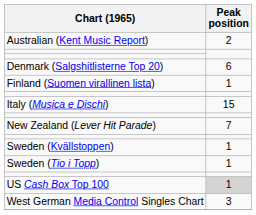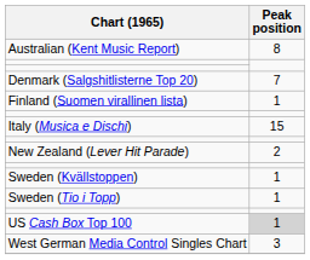 <table class="wikitable plainrowheaders sortable">
 <tr>
 <th align="left">Chart (1965)</th>
 <th align="center">Peak<br>position</th>
 </tr>
 <tr>
 <td>Australian (<a href='#'>Kent Music Report</a>)</td>
-<td style="text-align:center;">2</td>
+<td style="text-align:center;">8</td>
 </tr>
 <tr>
 <td></td>
 </tr>
 <tr>
 <td></td>
 </tr>
 <tr>
 <td>Denmark (<a href='#'>Salgshitlisterne Top 20</a>)</td>
-<td style="text-align:center;">6</td>
+<td style="text-align:center;">7</td>
 </tr>
 <tr>
 <td>Finland (<a href='#'>Suomen virallinen lista</a>)</td>
 <td style="text-align:center;">1</td>
 </tr>
 <tr>
 <td></td>
 </tr>
 <tr>
 <td>Italy (<em><a href='#'>Musica e Dischi</a></em>)</td>
 <td align=center>15</td>
 </tr>
 <tr>
 <td></td>
 </tr>
 <tr>
 <td>New Zealand (<em>Lever Hit Parade</em>)</td>
-<td style="text-align:center;">7</td>
+<td style="text-align:center;">2</td>
 </tr>
 <tr>
 <td></td>
 </tr>
 <tr>
 <td>Sweden (<a href='#'>Kvällstoppen</a>)</td>
 <td style="text-align:center;">1</td>
 </tr>
 <tr>
 <td>Sweden (<em><a href='#'>Tio i Topp</a></em>)</td>
 <td style="text-align:center;">1</td>
 </tr>
 <tr>
 <td></td>
 </tr>
 <tr>
 <td>US <a href='#'><em>Cash Box</em> Top 100</a></td>
 <td style="background: lightgrey; text-align:center;">1</td>
 </tr>
 <tr>
 <td>West German <a href='#'>Media Control</a> Singles Chart</td>
 <td style="text-align:center;">3</td>
 </tr>
 <tr>
 </tr>
 </table>
